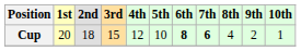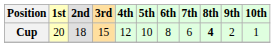 <table class="wikitable" style="font-size: 85%;">
 <tr>
 <th>Position</th>
 <td style="background-color:#ffffbf"><strong>1st</strong></td>
 <td style="background-color:#dfdfdf"><strong>2nd</strong></td>
 <td style="background-color:#ffdf9f"><strong>3rd</strong></td>
 <td style="background-color:#dfffdf"><strong>4th</strong></td>
 <td style="background-color:#dfffdf"><strong>5th</strong></td>
 <td style="background-color:#dfffdf"><strong>6th</strong></td>
 <td style="background-color:#dfffdf"><strong>7th</strong></td>
 <td style="background-color:#dfffdf"><strong>8th</strong></td>
 <td style="background-color:#dfffdf"><strong>9th</strong></td>
 <td style="background-color:#dfffdf"><strong>10th</strong></td>
 </tr>
 <tr>
 <th>Cup</th>
 <td style="background-color:#ffffbf" align="center">20</td>
 <td style="background-color:#dfdfdf" align="center">18</td>
 <td style="background-color:#ffdf9f" align="center">15</td>
 <td style="background-color:#dfffdf" align="center">12</td>
 <td style="background-color:#dfffdf" align="center">10</td>
-<td style="background-color:#dfffdf" align="center"><strong>8</strong></td>
-<td style="background-color:#dfffdf" align="center"><strong>6</strong></td>
-<td style="background-color:#dfffdf" align="center">4</td>
+<td style="background-color:#dfffdf" align="center">8</td>
+<td style="background-color:#dfffdf" align="center">6</td>
+<td style="background-color:#dfffdf" align="center"><strong>4</strong></td>
 <td style="background-color:#dfffdf" align="center">2</td>
 <td style="background-color:#dfffdf" align="center">1</td>
 </tr>
 <tr>
 </tr>
 </table>
